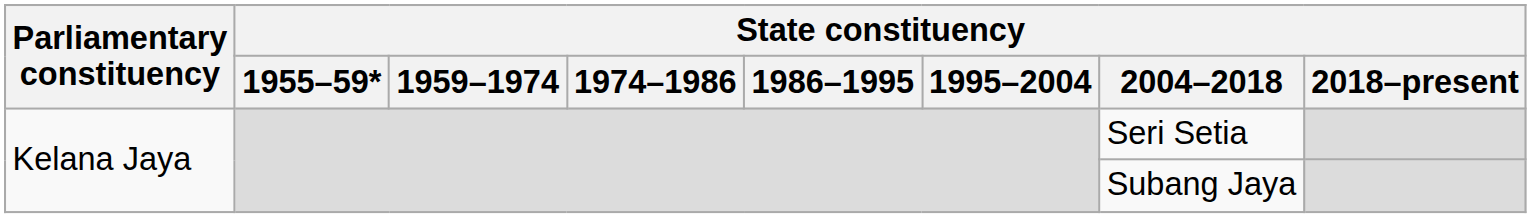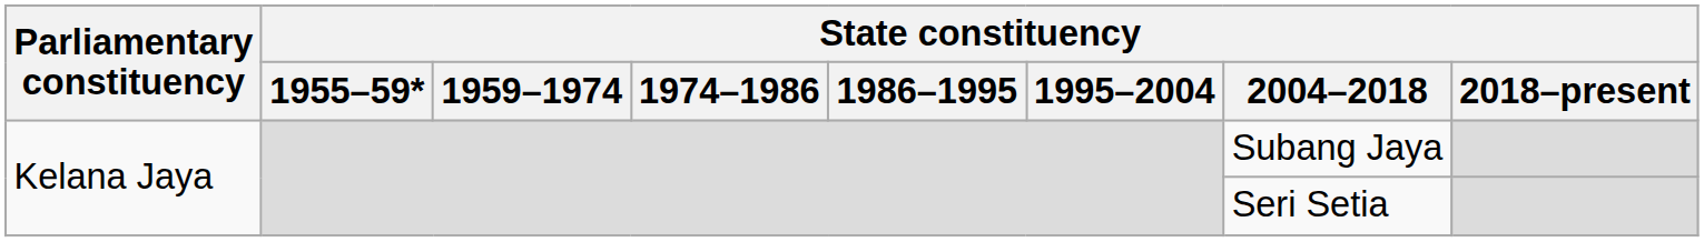 <table class="wikitable">
 <tr>
 <th rowspan="2">Parliamentary<br>constituency</th>
 <th colspan="7">State constituency</th>
 </tr>
 <tr>
 <th>1955–59*</th>
 <th>1959–1974</th>
 <th>1974–1986</th>
 <th>1986–1995</th>
 <th>1995–2004</th>
 <th>2004–2018</th>
 <th>2018–present</th>
 </tr>
 <tr>
 <td rowspan="2">Kelana Jaya</td>
 <td colspan="5" rowspan="2" bgcolor="dcdcdc"></td>
+<td>Subang Jaya</td>
+<td bgcolor="dcdcdc"></td>
+</tr>
+<tr>
 <td>Seri Setia</td>
 <td bgcolor="dcdcdc"></td>
 </tr>
-<tr>
-<td>Subang Jaya</td>
-<td bgcolor="dcdcdc"></td>
-</tr>
 </table>
